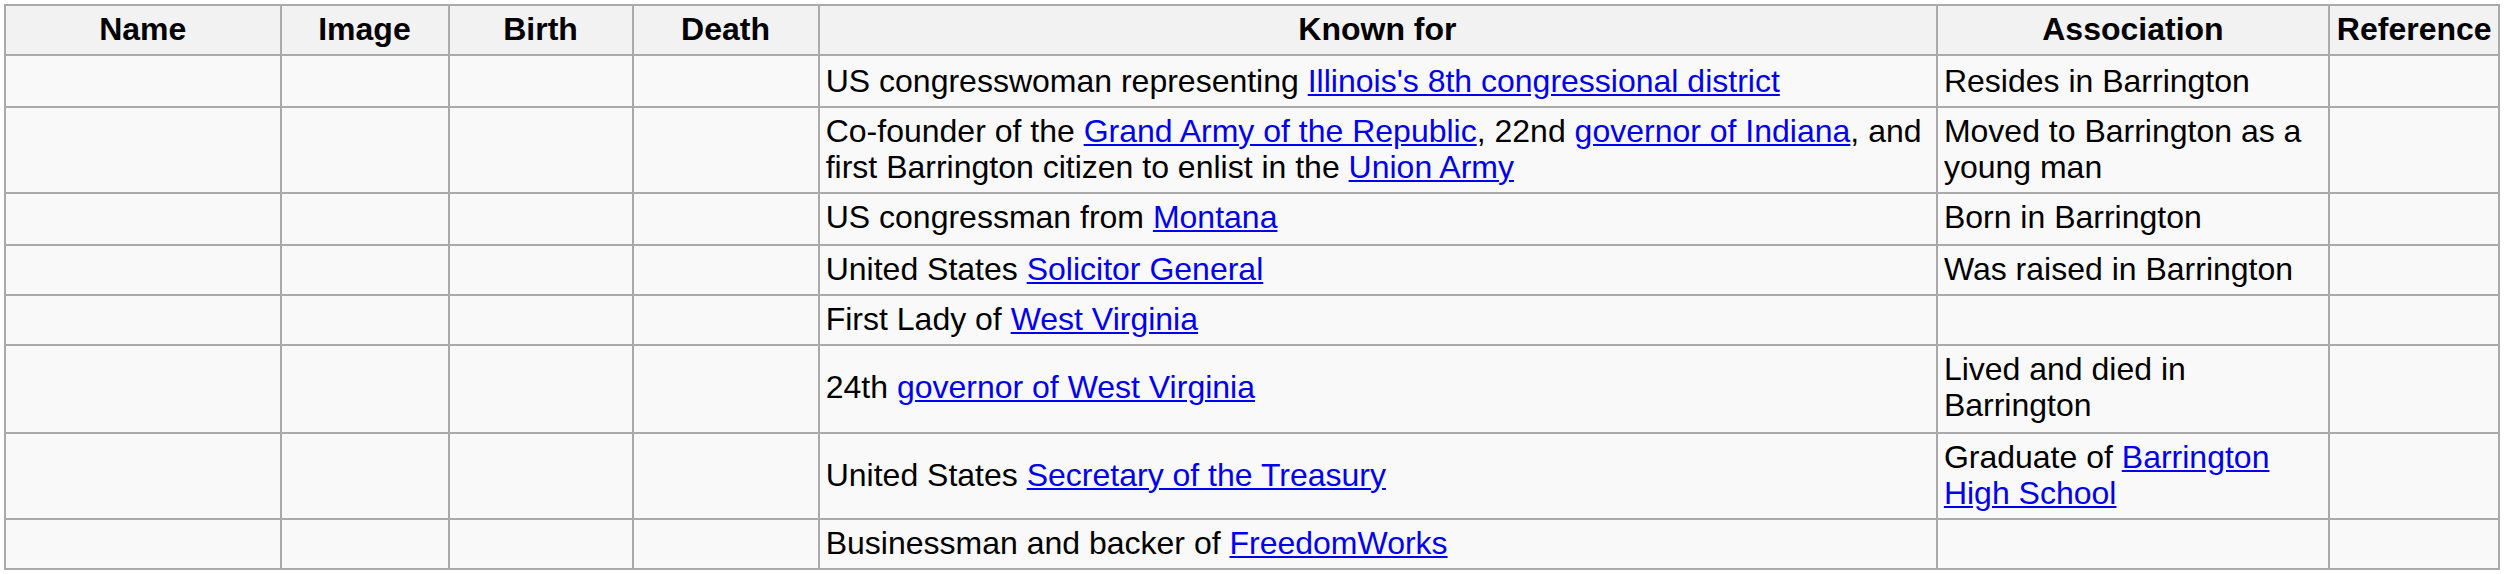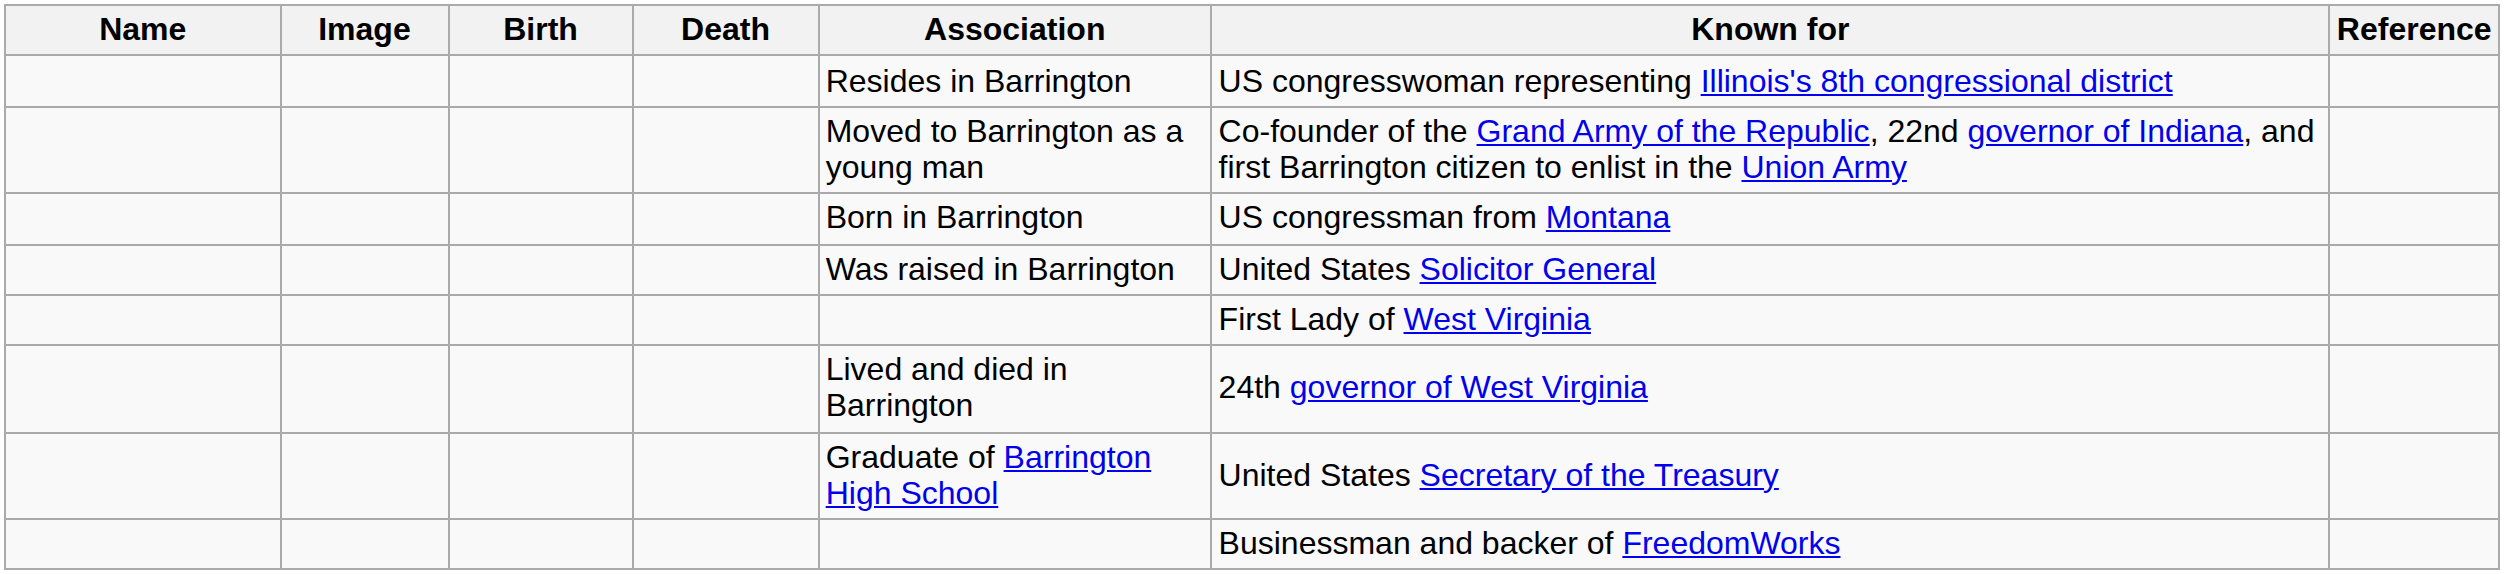 <table class="wikitable sortable">
 <tr>
 <th scope="col" style="width:140px;">Name</th>
 <th scope="col" style="width:80px;" class="unsortable">Image</th>
 <th scope="col" style="width:90px;">Birth</th>
 <th scope="col" style="width:90px;">Death</th>
+<th scope="col" style="width:200px;" class="unsortable">Association</th>
 <th scope="col" style="width:600px;" class="unsortable">Known for</th>
-<th scope="col" style="width:200px;" class="unsortable">Association</th>
 <th scope="col" style="width:30px;" class="unsortable">Reference</th>
 </tr>
 <tr>
 <td></td>
 <td></td>
 <td align=right></td>
 <td></td>
+<td>Resides in Barrington</td>
 <td>US congresswoman representing <a href='#'>Illinois's 8th congressional district</a></td>
-<td>Resides in Barrington</td>
 <td style="text-align:center;"></td>
 </tr>
 <tr>
 <td></td>
 <td></td>
 <td align=right></td>
 <td align=right></td>
+<td>Moved to Barrington as a young man</td>
 <td>Co-founder of the <a href='#'>Grand Army of the Republic</a>, 22nd <a href='#'>governor of Indiana</a>, and first Barrington citizen to enlist in the <a href='#'>Union Army</a></td>
-<td>Moved to Barrington as a young man</td>
 <td style="text-align:center;"></td>
 </tr>
 <tr>
 <td></td>
 <td></td>
 <td align=right></td>
 <td></td>
+<td>Born in Barrington</td>
 <td>US congressman from <a href='#'>Montana</a></td>
-<td>Born in Barrington</td>
 <td style="text-align:center;"></td>
 </tr>
 <tr>
 <td></td>
 <td></td>
 <td align=right></td>
 <td></td>
+<td>Was raised in Barrington</td>
 <td>United States <a href='#'>Solicitor General</a></td>
-<td>Was raised in Barrington</td>
 <td style="text-align:center;"></td>
 </tr>
 <tr>
 <td></td>
 <td></td>
 <td align=right></td>
 <td align=right></td>
+<td></td>
 <td>First Lady of <a href='#'>West Virginia</a></td>
-<td></td>
 <td style="text-align:center;"></td>
 </tr>
 <tr>
 <td></td>
 <td></td>
 <td align=right></td>
 <td align=right></td>
+<td>Lived and died in Barrington</td>
 <td>24th <a href='#'>governor of West Virginia</a></td>
-<td>Lived and died in Barrington</td>
 <td style="text-align:center;"></td>
 </tr>
 <tr>
 <td></td>
 <td></td>
 <td align=right></td>
 <td></td>
+<td>Graduate of <a href='#'>Barrington High School</a></td>
 <td>United States <a href='#'>Secretary of the Treasury</a></td>
-<td>Graduate of <a href='#'>Barrington High School</a></td>
 <td style="text-align:center;"></td>
 </tr>
 <tr>
 <td></td>
 <td></td>
 <td></td>
 <td></td>
+<td></td>
 <td>Businessman and backer of <a href='#'>FreedomWorks</a></td>
-<td></td>
 <td style="text-align:center;"></td>
 </tr>
 </table>
